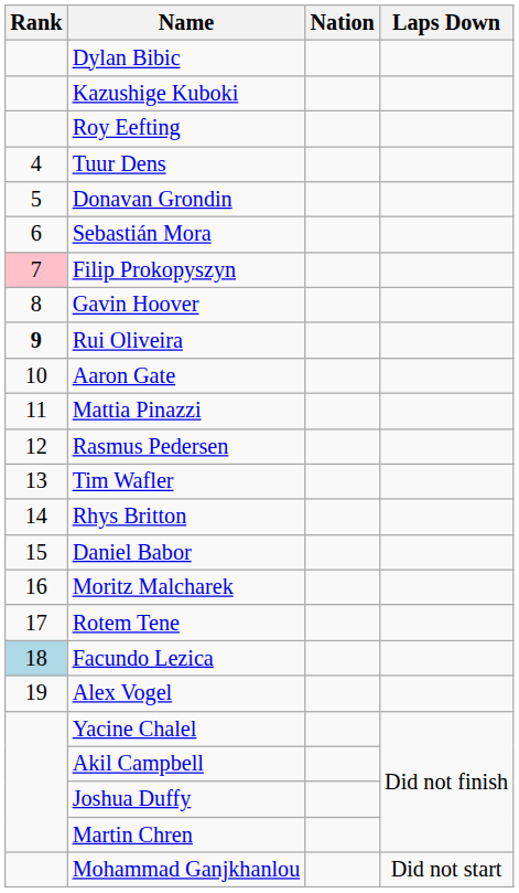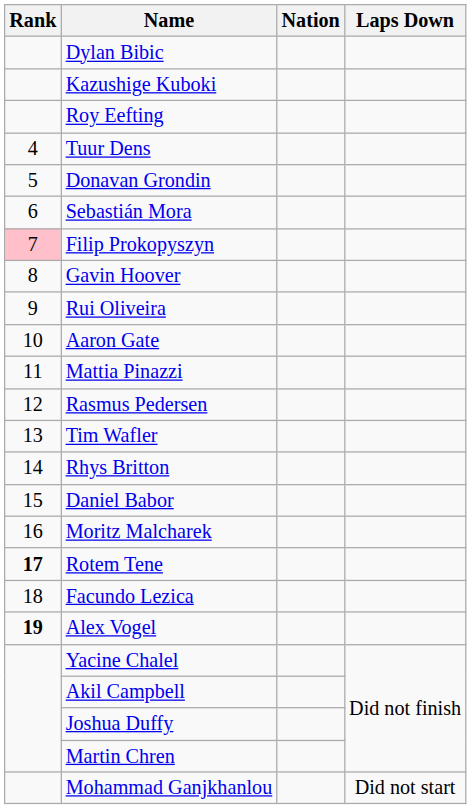 <table class="wikitable sortable" style="text-align:center">
 <tr>
 <th>Rank</th>
 <th>Name</th>
 <th>Nation</th>
 <th>Laps Down</th>
 </tr>
 <tr>
 <td></td>
 <td align=left><a href='#'>Dylan Bibic</a></td>
 <td align=left></td>
 <td></td>
 </tr>
 <tr>
 <td></td>
 <td align=left><a href='#'>Kazushige Kuboki</a></td>
 <td align=left></td>
 <td></td>
 </tr>
 <tr>
 <td></td>
 <td align=left><a href='#'>Roy Eefting</a></td>
 <td align=left></td>
 <td></td>
 </tr>
 <tr>
 <td>4</td>
 <td align=left><a href='#'>Tuur Dens</a></td>
 <td align=left></td>
 <td></td>
 </tr>
 <tr>
 <td>5</td>
 <td align=left><a href='#'>Donavan Grondin</a></td>
 <td align=left></td>
 <td></td>
 </tr>
 <tr>
 <td>6</td>
 <td align=left><a href='#'>Sebastián Mora</a></td>
 <td align=left></td>
 <td></td>
 </tr>
 <tr>
 <td style="background: pink;">7</td>
 <td align=left><a href='#'>Filip Prokopyszyn</a></td>
 <td align=left></td>
 <td></td>
 </tr>
 <tr>
 <td>8</td>
 <td align=left><a href='#'>Gavin Hoover</a></td>
 <td align=left></td>
 <td></td>
 </tr>
 <tr>
-<td><strong>9</strong></td>
+<td>9</td>
 <td align=left><a href='#'>Rui Oliveira</a></td>
 <td align=left></td>
 <td></td>
 </tr>
 <tr>
 <td>10</td>
 <td align=left><a href='#'>Aaron Gate</a></td>
 <td align=left></td>
 <td></td>
 </tr>
 <tr>
 <td>11</td>
 <td align=left><a href='#'>Mattia Pinazzi</a></td>
 <td align=left></td>
 <td></td>
 </tr>
 <tr>
 <td>12</td>
 <td align=left><a href='#'>Rasmus Pedersen</a></td>
 <td align=left></td>
 <td></td>
 </tr>
 <tr>
 <td>13</td>
 <td align=left><a href='#'>Tim Wafler</a></td>
 <td align=left></td>
 <td></td>
 </tr>
 <tr>
 <td>14</td>
 <td align=left><a href='#'>Rhys Britton</a></td>
 <td align=left></td>
 <td></td>
 </tr>
 <tr>
 <td>15</td>
 <td align=left><a href='#'>Daniel Babor</a></td>
 <td align=left></td>
 <td></td>
 </tr>
 <tr>
 <td>16</td>
 <td align=left><a href='#'>Moritz Malcharek</a></td>
 <td align=left></td>
 <td></td>
 </tr>
 <tr>
-<td>17</td>
+<td><strong>17</strong></td>
 <td align=left><a href='#'>Rotem Tene</a></td>
 <td align=left></td>
 <td></td>
 </tr>
 <tr>
-<td style="background: lightblue;">18</td>
+<td>18</td>
 <td align=left><a href='#'>Facundo Lezica</a></td>
 <td align=left></td>
 <td></td>
 </tr>
 <tr>
-<td>19</td>
+<td><strong>19</strong></td>
 <td align=left><a href='#'>Alex Vogel</a></td>
 <td align=left></td>
 <td></td>
 </tr>
 <tr>
 <td rowspan=4></td>
 <td align=left><a href='#'>Yacine Chalel</a></td>
 <td align=left></td>
 <td rowspan=4>Did not finish</td>
 </tr>
 <tr>
 <td align=left><a href='#'>Akil Campbell</a></td>
 <td align=left></td>
 </tr>
 <tr>
 <td align=left><a href='#'>Joshua Duffy</a></td>
 <td align=left></td>
 </tr>
 <tr>
 <td align=left><a href='#'>Martin Chren</a></td>
 <td align=left></td>
 </tr>
 <tr>
 <td></td>
 <td align=left><a href='#'>Mohammad Ganjkhanlou</a></td>
 <td align=left></td>
 <td>Did not start</td>
 </tr>
 </table>
